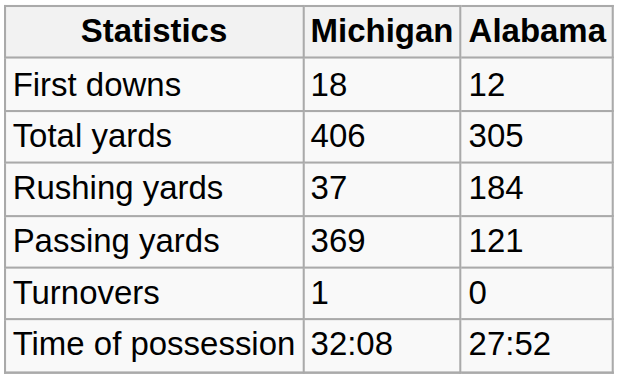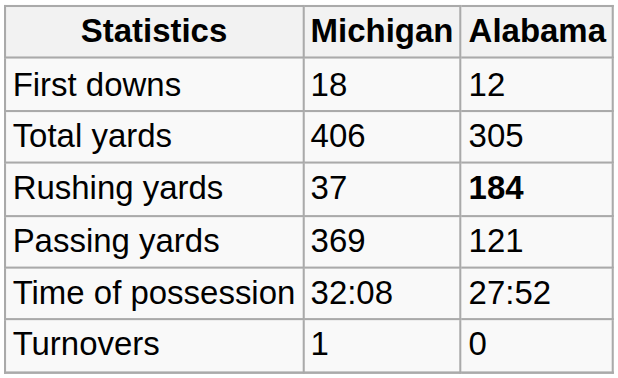 <table class="wikitable" style="float: left;">
 <tr>
 <th>Statistics</th>
 <th>Michigan</th>
 <th>Alabama</th>
 </tr>
 <tr>
 <td>First downs</td>
 <td>18</td>
 <td>12</td>
 </tr>
 <tr>
 <td>Total yards</td>
 <td>406</td>
 <td>305</td>
 </tr>
 <tr>
 <td>Rushing yards</td>
 <td>37</td>
-<td>184</td>
+<td><strong>184</strong></td>
 </tr>
 <tr>
 <td>Passing yards</td>
 <td>369</td>
 <td>121</td>
 </tr>
 <tr>
+<td>Time of possession</td>
+<td>32:08</td>
+<td>27:52</td>
+</tr>
+<tr>
 <td>Turnovers</td>
 <td>1</td>
 <td>0</td>
 </tr>
 <tr>
-<td>Time of possession</td>
-<td>32:08</td>
-<td>27:52</td>
-</tr>
-<tr>
 </tr>
 </table>
